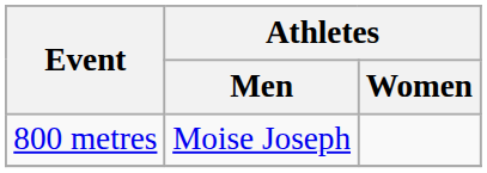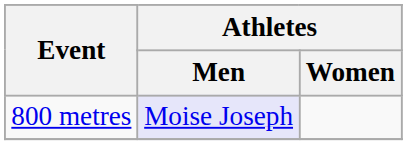 <table class=wikitable style="font-size:90%">
 <tr>
 <th rowspan=2>Event</th>
 <th colspan=2>Athletes</th>
 </tr>
 <tr>
 <th>Men</th>
 <th>Women</th>
 </tr>
 <tr>
 <td><a href='#'>800 metres</a></td>
-<td><a href='#'>Moise Joseph</a></td>
+<td style="background: lavender;"><a href='#'>Moise Joseph</a></td>
 <td></td>
 </tr>
 <tr>
 </tr>
 </table>
